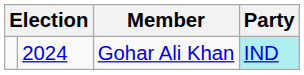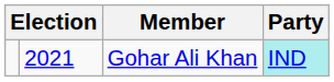 <table class="wikitable">
 <tr>
 <th colspan="2">Election</th>
 <th>Member</th>
 <th>Party</th>
 </tr>
 <tr>
 <td style="background-color: "></td>
-<td><a href='#'>2024</a></td>
+<td><a href='#'>2021</a></td>
 <td><a href='#'>Gohar Ali Khan</a></td>
 <td style="background: paleturquoise;"><a href='#'>IND</a></td>
 </tr>
 </table>
